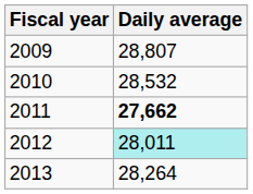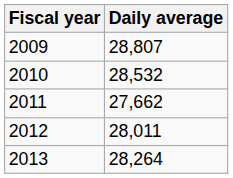 <table class="wikitable">
 <tr>
 <th>Fiscal year</th>
 <th>Daily average</th>
 </tr>
 <tr>
 <td>2009</td>
 <td>28,807</td>
 </tr>
 <tr>
 <td>2010</td>
 <td>28,532</td>
 </tr>
 <tr>
 <td>2011</td>
-<td><strong>27,662</strong></td>
+<td>27,662</td>
 </tr>
 <tr>
 <td>2012</td>
-<td style="background: paleturquoise;">28,011</td>
+<td>28,011</td>
 </tr>
 <tr>
 <td>2013</td>
 <td>28,264</td>
 </tr>
 </table>
